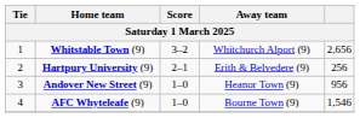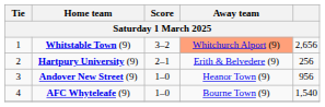 <table class="wikitable" style="text-align:center; font-size:90%">
 <tr>
 <th scope="col" style="width:  8.43%;">Tie</th>
 <th scope="col" style="width: 35.29%;">Home team</th>
 <th scope="col" style="width: 11.00%;">Score</th>
 <th scope="col" style="width: 35.29%;">Away team</th>
 <th scope="col" style="width:  8.43%;"></th>
 </tr>
 <tr>
 <th colspan="5"><strong>Saturday 1 March 2025</strong></th>
 </tr>
 <tr>
 <td>1</td>
 <td><strong><a href='#'>Whitstable Town</a></strong> (9)</td>
 <td>3–2</td>
-<td><a href='#'>Whitchurch Alport</a> (9)</td>
+<td style="background: lightsalmon;"><a href='#'>Whitchurch Alport</a> (9)</td>
 <td>2,656</td>
 </tr>
 <tr>
 <td>2</td>
 <td><strong><a href='#'>Hartpury University</a></strong> (9)</td>
 <td>2–1</td>
 <td><a href='#'>Erith & Belvedere</a> (9)</td>
 <td>256</td>
 </tr>
 <tr>
 <td>3</td>
 <td><strong><a href='#'>Andover New Street</a></strong> (9)</td>
 <td>1–0</td>
 <td><a href='#'>Heanor Town</a> (9)</td>
 <td>956</td>
 </tr>
 <tr>
 <td>4</td>
 <td><strong><a href='#'>AFC Whyteleafe</a></strong> (9)</td>
 <td>1–0</td>
 <td><a href='#'>Bourne Town</a> (9)</td>
-<td>1,546</td>
+<td>1,540</td>
 </tr>
 <tr>
 </tr>
 </table>
